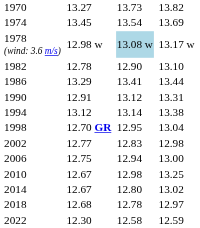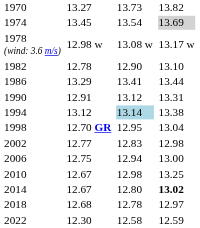 <table>
 <tr>
 <td>1970</td>
 <td></td>
 <td>13.27</td>
 <td></td>
 <td>13.73</td>
 <td></td>
 <td>13.82</td>
 </tr>
 <tr>
 <td>1974</td>
 <td></td>
 <td>13.45</td>
 <td></td>
 <td>13.54</td>
 <td></td>
-<td>13.69</td>
+<td style="background: lightgrey;">13.69</td>
 </tr>
 <tr>
 <td>1978<br><small><em>(wind: 3.6 <a href='#'>m/s</a>)</em></small></td>
 <td></td>
 <td>12.98 w</td>
 <td></td>
-<td style="background: lightblue;">13.08 w</td>
+<td>13.08 w</td>
 <td></td>
 <td>13.17 w</td>
 </tr>
 <tr>
 <td>1982</td>
 <td></td>
 <td>12.78</td>
 <td></td>
 <td>12.90</td>
 <td></td>
 <td>13.10</td>
 </tr>
 <tr>
 <td>1986</td>
 <td></td>
 <td>13.29</td>
 <td></td>
 <td>13.41</td>
 <td></td>
 <td>13.44</td>
 </tr>
 <tr>
 <td>1990</td>
 <td></td>
 <td>12.91</td>
 <td></td>
 <td>13.12</td>
 <td></td>
 <td>13.31</td>
 </tr>
 <tr>
 <td>1994</td>
 <td></td>
 <td>13.12</td>
 <td></td>
-<td>13.14</td>
+<td style="background: lightblue;">13.14</td>
 <td></td>
 <td>13.38</td>
 </tr>
 <tr>
 <td>1998</td>
 <td></td>
 <td>12.70 <strong><a href='#'>GR</a></strong></td>
 <td></td>
 <td>12.95</td>
 <td></td>
 <td>13.04</td>
 </tr>
 <tr>
 <td>2002<br></td>
 <td></td>
 <td>12.77</td>
 <td></td>
 <td>12.83</td>
 <td></td>
 <td>12.98</td>
 </tr>
 <tr>
 <td>2006<br></td>
 <td></td>
 <td>12.75</td>
 <td></td>
 <td>12.94</td>
 <td></td>
 <td>13.00</td>
 </tr>
 <tr>
 <td>2010<br></td>
 <td></td>
 <td>12.67</td>
 <td></td>
 <td>12.98</td>
 <td></td>
 <td>13.25</td>
 </tr>
 <tr>
 <td>2014<br></td>
 <td></td>
 <td>12.67</td>
 <td></td>
 <td>12.80</td>
 <td></td>
-<td>13.02</td>
+<td><strong>13.02</strong></td>
 </tr>
 <tr>
 <td>2018<br></td>
 <td></td>
 <td>12.68</td>
 <td></td>
 <td>12.78</td>
 <td></td>
 <td>12.97</td>
 </tr>
 <tr>
 <td>2022<br></td>
 <td></td>
 <td>12.30 </td>
 <td></td>
 <td>12.58</td>
 <td></td>
 <td>12.59</td>
 </tr>
 </table>
